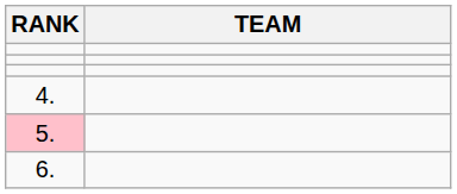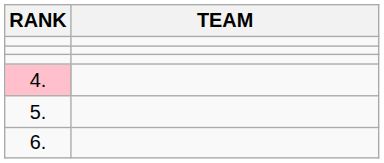 <table class="wikitable" style="border-collapse: collapse; font-size: 90%;">
 <tr>
 <th>RANK</th>
 <th align="center" style="width: 15em">TEAM</th>
 </tr>
 <tr>
 <td align="center"></td>
 <td></td>
 </tr>
 <tr>
 <td align="center"></td>
 <td></td>
 </tr>
 <tr>
 <td align="center"></td>
 <td></td>
 </tr>
 <tr>
-<td align="center">4.</td>
+<td align="center" style="background: pink;">4.</td>
 <td></td>
 </tr>
 <tr>
-<td align="center" style="background: pink;">5.</td>
+<td align="center">5.</td>
 <td></td>
 </tr>
 <tr>
 <td align="center">6.</td>
 <td></td>
 </tr>
 </table>
